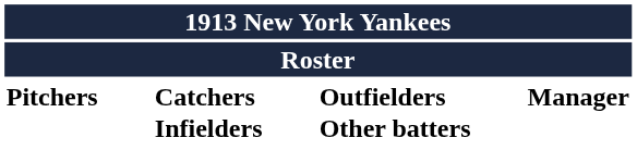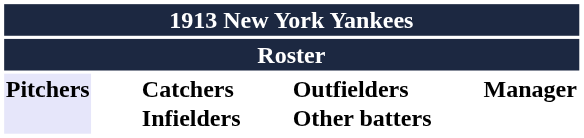 <table class="toccolours" style="font-size: 95%;">
 <tr>
 <th colspan="10" style="background:#1c2841; color:white; text-align:center;">1913 New York Yankees</th>
 </tr>
 <tr>
 <td colspan="10" style="background:#1c2841; color:white; text-align:center;"><strong>Roster</strong></td>
 </tr>
 <tr>
-<td valign="top"><strong>Pitchers</strong><br>            </td>
+<td valign="top" style="background: lavender;"><strong>Pitchers</strong><br>            </td>
 <td style="width:25px;"></td>
 <td valign="top"><strong>Catchers</strong><br>      <strong>Infielders</strong>                </td>
 <td style="width:25px;"></td>
 <td valign="top"><strong>Outfielders</strong><br>        <strong>Other batters</strong> </td>
 <td style="width:25px;"></td>
 <td valign="top"><strong>Manager</strong><br></td>
 </tr>
 </table>
